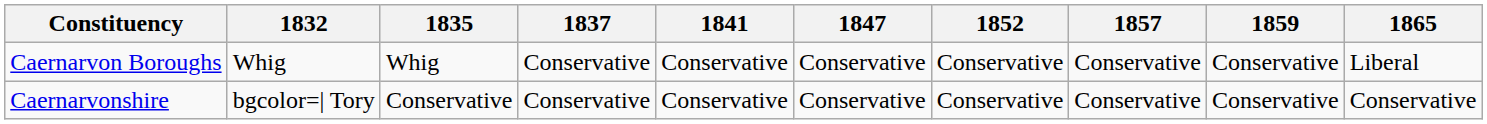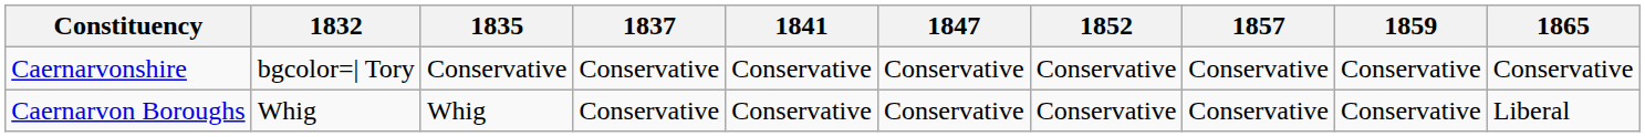 <table class=wikitable sortable>
 <tr>
 <th>Constituency</th>
 <th>1832</th>
 <th>1835</th>
 <th>1837</th>
 <th>1841</th>
 <th>1847</th>
 <th>1852</th>
 <th>1857</th>
 <th>1859</th>
 <th>1865</th>
 </tr>
 <tr>
+<td><a href='#'>Caernarvonshire</a></td>
+<td bgcolor=>bgcolor=| Tory</td>
+<td bgcolor=>Conservative</td>
+<td bgcolor=>Conservative</td>
+<td bgcolor=>Conservative</td>
+<td bgcolor=>Conservative</td>
+<td bgcolor=>Conservative</td>
+<td bgcolor=>Conservative</td>
+<td bgcolor=>Conservative</td>
+<td bgcolor=>Conservative</td>
+</tr>
+<tr>
 <td><a href='#'>Caernarvon Boroughs</a></td>
 <td bgcolor=>Whig</td>
 <td bgcolor=>Whig</td>
 <td bgcolor=>Conservative</td>
 <td bgcolor=>Conservative</td>
 <td bgcolor=>Conservative</td>
 <td bgcolor=>Conservative</td>
 <td bgcolor=>Conservative</td>
 <td bgcolor=>Conservative</td>
 <td bgcolor=>Liberal</td>
 </tr>
-<tr>
-<td><a href='#'>Caernarvonshire</a></td>
-<td bgcolor=>bgcolor=| Tory</td>
-<td bgcolor=>Conservative</td>
-<td bgcolor=>Conservative</td>
-<td bgcolor=>Conservative</td>
-<td bgcolor=>Conservative</td>
-<td bgcolor=>Conservative</td>
-<td bgcolor=>Conservative</td>
-<td bgcolor=>Conservative</td>
-<td bgcolor=>Conservative</td>
-</tr>
 </table>
